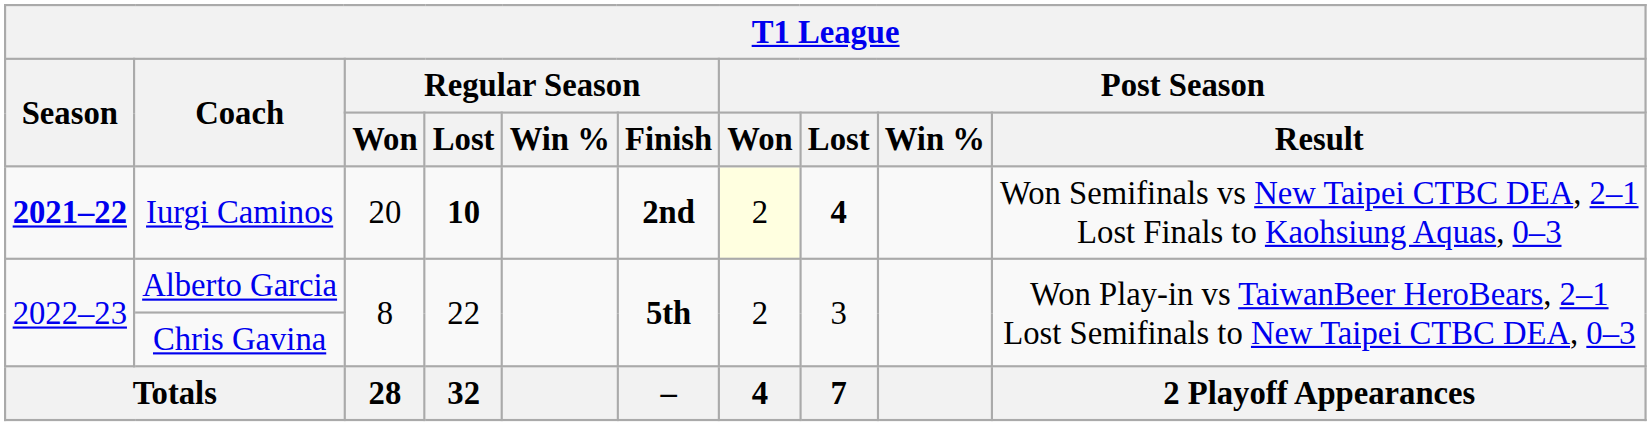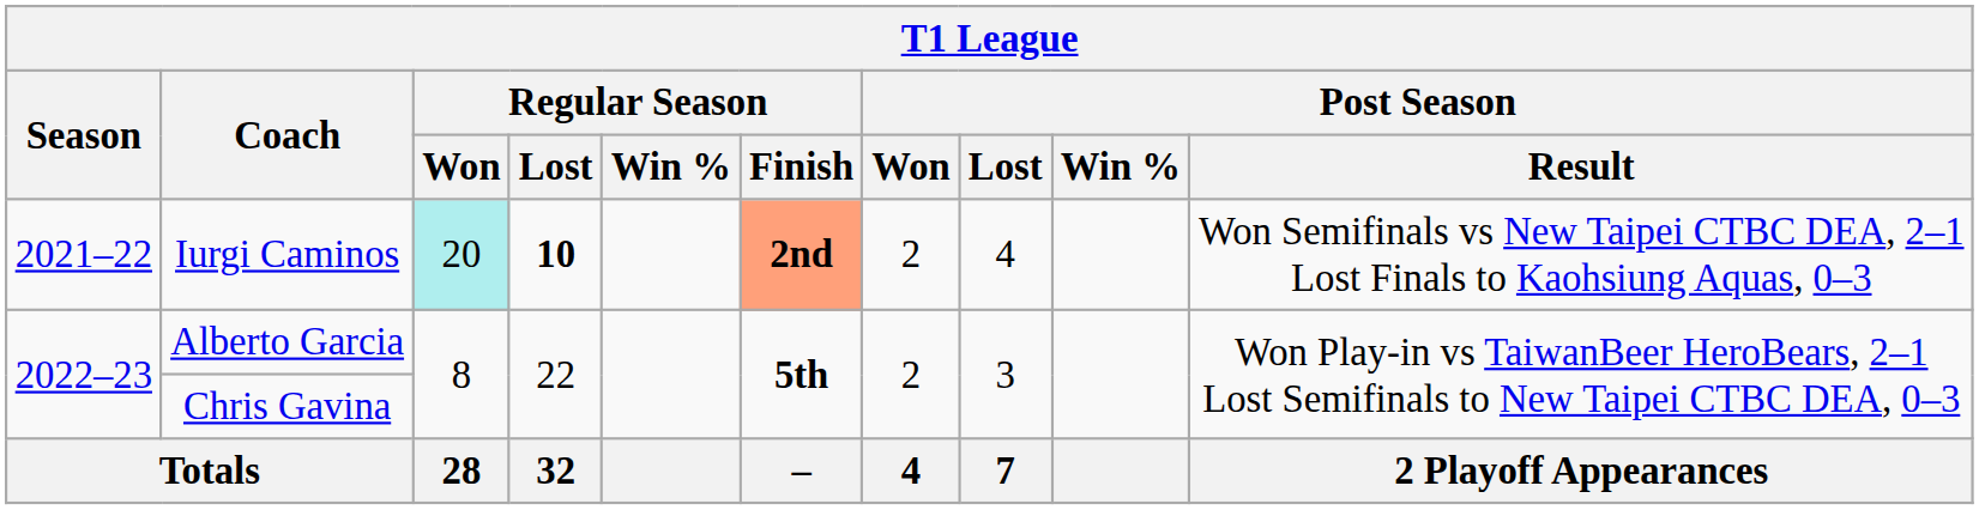 <table class=wikitable style="font-size: 95%; text-align:center;">
 <tr>
 <th colspan=10><a href='#'>T1 League</a></th>
 </tr>
 <tr>
 <th rowspan=2>Season</th>
 <th rowspan=2>Coach</th>
 <th colspan="4">Regular Season</th>
 <th colspan="4">Post Season</th>
 </tr>
 <tr>
 <th>Won</th>
 <th>Lost</th>
 <th>Win %</th>
 <th>Finish</th>
 <th>Won</th>
 <th>Lost</th>
 <th>Win %</th>
 <th>Result</th>
 </tr>
 <tr>
-<td><strong><a href='#'>2021–22</a></strong></td>
+<td><a href='#'>2021–22</a></td>
 <td><a href='#'>Iurgi Caminos</a></td>
-<td>20</td>
+<td style="background: paleturquoise;">20</td>
 <td><strong>10</strong></td>
 <td></td>
-<td><strong>2nd</strong></td>
-<td style="background: lightyellow;">2</td>
-<td><strong>4</strong></td>
+<td style="background: lightsalmon;"><strong>2nd</strong></td>
+<td>2</td>
+<td>4</td>
 <td></td>
 <td>Won Semifinals vs <a href='#'>New Taipei CTBC DEA</a>, <a href='#'>2–1</a><br>Lost Finals to <a href='#'>Kaohsiung Aquas</a>, <a href='#'>0–3</a></td>
 </tr>
 <tr>
 <td rowspan=2><a href='#'>2022–23</a></td>
 <td><a href='#'>Alberto Garcia</a></td>
 <td rowspan=2>8</td>
 <td rowspan=2>22</td>
 <td rowspan=2></td>
 <td rowspan="2"><strong>5th</strong></td>
 <td rowspan="2">2</td>
 <td rowspan="2">3</td>
 <td rowspan="2"></td>
 <td rowspan="2">Won Play-in vs <a href='#'>TaiwanBeer HeroBears</a>, <a href='#'>2–1</a><br>Lost Semifinals to <a href='#'>New Taipei CTBC DEA</a>, <a href='#'>0–3</a></td>
 </tr>
 <tr>
 <td><a href='#'>Chris Gavina</a></td>
 </tr>
 <tr>
 <th colspan=2>Totals</th>
 <th>28</th>
 <th>32</th>
 <th></th>
 <th>–</th>
 <th>4</th>
 <th>7</th>
 <th></th>
 <th>2 Playoff Appearances</th>
 </tr>
 </table>
